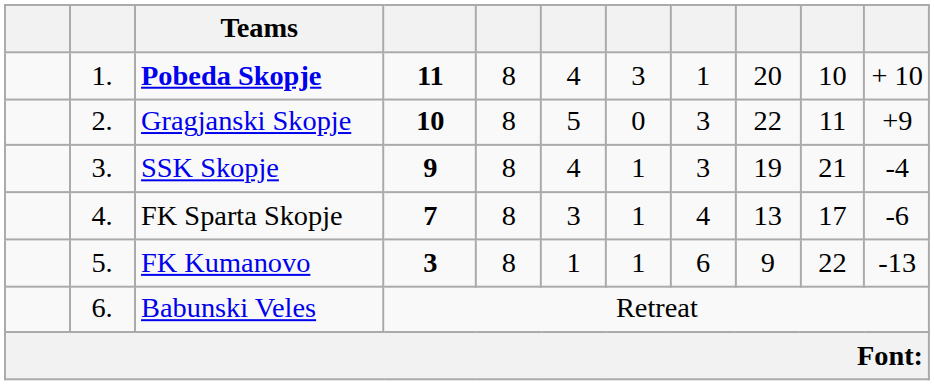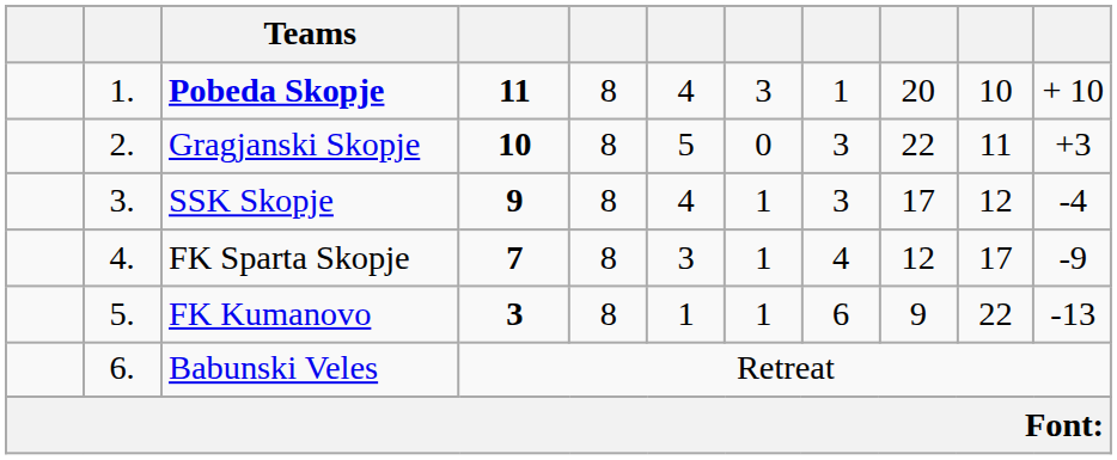 <table class="wikitable sortable" style="text-align: center; font-size: 90%;">
 <tr>
 <th width=7%></th>
 <th width=7%></th>
 <th width=27%>Teams</th>
 <th width=10%></th>
 <th width=7%></th>
 <th width=7%></th>
 <th width=7%></th>
 <th width=7%></th>
 <th width=7%></th>
 <th width=7%></th>
 <th width=7%></th>
 </tr>
 <tr>
 <td></td>
 <td>1.</td>
 <td style="text-align:left;"><strong><a href='#'> Pobeda Skopje</a></strong></td>
 <td><strong>11</strong></td>
 <td>8</td>
 <td>4</td>
 <td>3</td>
 <td>1</td>
 <td>20</td>
 <td>10</td>
 <td>+ 10</td>
 </tr>
 <tr>
 <td></td>
 <td>2.</td>
 <td style="text-align:left;"><a href='#'>Gragjanski Skopje</a></td>
 <td><strong>10</strong></td>
 <td>8</td>
 <td>5</td>
 <td>0</td>
 <td>3</td>
 <td>22</td>
 <td>11</td>
-<td>+9</td>
+<td>+3</td>
 </tr>
 <tr>
 <td></td>
 <td>3.</td>
 <td style="text-align:left;"><a href='#'> SSK Skopje</a></td>
 <td><strong>9</strong></td>
 <td>8</td>
 <td>4</td>
 <td>1</td>
 <td>3</td>
-<td>19</td>
-<td>21</td>
+<td>17</td>
+<td>12</td>
 <td>-4</td>
 </tr>
 <tr>
 <td></td>
 <td>4.</td>
 <td style="text-align:left;">FK Sparta Skopje</td>
 <td><strong>7</strong></td>
 <td>8</td>
 <td>3</td>
 <td>1</td>
 <td>4</td>
-<td>13</td>
+<td>12</td>
 <td>17</td>
-<td>-6</td>
+<td>-9</td>
 </tr>
 <tr>
 <td></td>
 <td>5.</td>
 <td style="text-align:left;"><a href='#'>FK Kumanovo</a></td>
 <td><strong>3</strong></td>
 <td>8</td>
 <td>1</td>
 <td>1</td>
 <td>6</td>
 <td>9</td>
 <td>22</td>
 <td>-13</td>
 </tr>
 <tr>
 <td></td>
 <td>6.</td>
 <td style="text-align:left;"><a href='#'> Babunski Veles</a></td>
 <td colspan="8" style="text-align:">Retreat</td>
 </tr>
 <tr>
 <th colspan="11" style="text-align: right;">Font: </th>
 </tr>
 </table>
